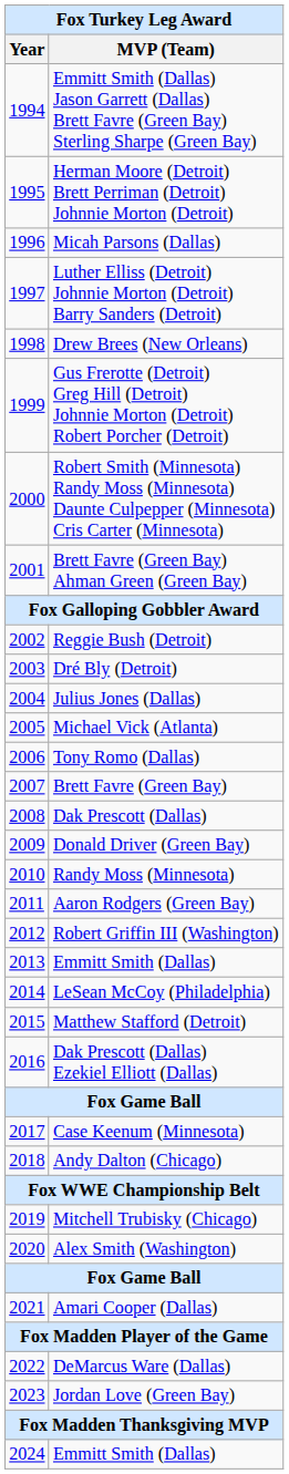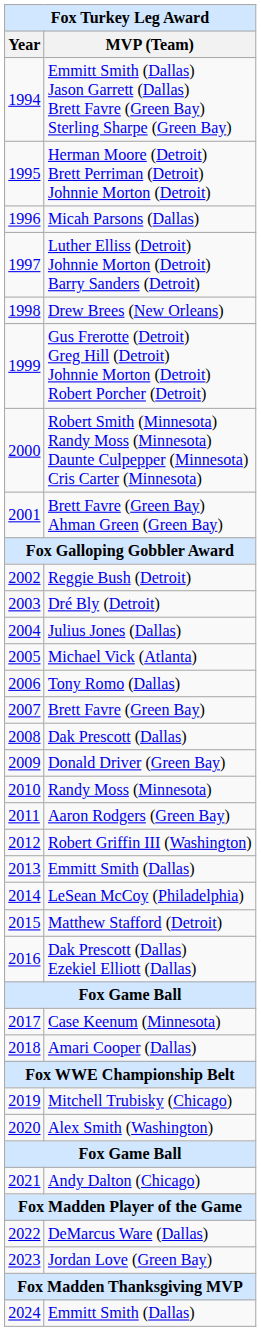 <table class="wikitable" style="font-size: 95%;">
 <tr>
 <td style="background:#d0e7ff; text-align:center;" colspan=2><strong>Fox Turkey Leg Award</strong></td>
 </tr>
 <tr>
 <th>Year</th>
 <th>MVP (Team)</th>
 </tr>
 <tr>
 <td><a href='#'>1994</a></td>
 <td><a href='#'>Emmitt Smith</a> (<a href='#'>Dallas</a>)<br><a href='#'>Jason Garrett</a> (<a href='#'>Dallas</a>)<br><a href='#'>Brett Favre</a> (<a href='#'>Green Bay</a>)<br><a href='#'>Sterling Sharpe</a> (<a href='#'>Green Bay</a>)</td>
 </tr>
 <tr>
 <td><a href='#'>1995</a></td>
 <td><a href='#'>Herman Moore</a> (<a href='#'>Detroit</a>)<br><a href='#'>Brett Perriman</a> (<a href='#'>Detroit</a>)<br><a href='#'>Johnnie Morton</a> (<a href='#'>Detroit</a>)</td>
 </tr>
 <tr>
 <td><a href='#'>1996</a></td>
 <td><a href='#'>Micah Parsons</a> (<a href='#'>Dallas</a>)</td>
 </tr>
 <tr>
 <td><a href='#'>1997</a></td>
 <td><a href='#'>Luther Elliss</a> (<a href='#'>Detroit</a>)<br><a href='#'>Johnnie Morton</a> (<a href='#'>Detroit</a>)<br><a href='#'>Barry Sanders</a> (<a href='#'>Detroit</a>)</td>
 </tr>
 <tr>
 <td><a href='#'>1998</a></td>
 <td><a href='#'>Drew Brees</a> (<a href='#'>New Orleans</a>)</td>
 </tr>
 <tr>
 <td><a href='#'>1999</a></td>
 <td><a href='#'>Gus Frerotte</a> (<a href='#'>Detroit</a>)<br><a href='#'>Greg Hill</a> (<a href='#'>Detroit</a>)<br><a href='#'>Johnnie Morton</a> (<a href='#'>Detroit</a>)<br><a href='#'>Robert Porcher</a> (<a href='#'>Detroit</a>)</td>
 </tr>
 <tr>
 <td><a href='#'>2000</a></td>
 <td><a href='#'>Robert Smith</a> (<a href='#'>Minnesota</a>)<br><a href='#'>Randy Moss</a> (<a href='#'>Minnesota</a>)<br><a href='#'>Daunte Culpepper</a> (<a href='#'>Minnesota</a>)<br><a href='#'>Cris Carter</a> (<a href='#'>Minnesota</a>)</td>
 </tr>
 <tr>
 <td><a href='#'>2001</a></td>
 <td><a href='#'>Brett Favre</a> (<a href='#'>Green Bay</a>)<br><a href='#'>Ahman Green</a> (<a href='#'>Green Bay</a>)</td>
 </tr>
 <tr>
 <td style="background:#d0e7ff; text-align:center;" colspan=2><strong>Fox Galloping Gobbler Award</strong></td>
 </tr>
 <tr>
 <td><a href='#'>2002</a></td>
 <td><a href='#'>Reggie Bush</a> (<a href='#'>Detroit</a>)</td>
 </tr>
 <tr>
 <td><a href='#'>2003</a></td>
 <td><a href='#'>Dré Bly</a> (<a href='#'>Detroit</a>)</td>
 </tr>
 <tr>
 <td><a href='#'>2004</a></td>
 <td><a href='#'>Julius Jones</a> (<a href='#'>Dallas</a>)</td>
 </tr>
 <tr>
 <td><a href='#'>2005</a></td>
 <td><a href='#'>Michael Vick</a> (<a href='#'>Atlanta</a>)</td>
 </tr>
 <tr>
 <td><a href='#'>2006</a></td>
 <td><a href='#'>Tony Romo</a> (<a href='#'>Dallas</a>)</td>
 </tr>
 <tr>
 <td><a href='#'>2007</a></td>
 <td><a href='#'>Brett Favre</a> (<a href='#'>Green Bay</a>)</td>
 </tr>
 <tr>
 <td><a href='#'>2008</a></td>
 <td><a href='#'>Dak Prescott</a> (<a href='#'>Dallas</a>)</td>
 </tr>
 <tr>
 <td><a href='#'>2009</a></td>
 <td><a href='#'>Donald Driver</a> (<a href='#'>Green Bay</a>)</td>
 </tr>
 <tr>
 <td><a href='#'>2010</a></td>
 <td><a href='#'>Randy Moss</a> (<a href='#'>Minnesota</a>)</td>
 </tr>
 <tr>
 <td><a href='#'>2011</a></td>
 <td><a href='#'>Aaron Rodgers</a> (<a href='#'>Green Bay</a>)</td>
 </tr>
 <tr>
 <td><a href='#'>2012</a></td>
 <td><a href='#'>Robert Griffin III</a> (<a href='#'>Washington</a>)</td>
 </tr>
 <tr>
 <td><a href='#'>2013</a></td>
 <td><a href='#'>Emmitt Smith</a> (<a href='#'>Dallas</a>)</td>
 </tr>
 <tr>
 <td><a href='#'>2014</a></td>
 <td><a href='#'>LeSean McCoy</a> (<a href='#'>Philadelphia</a>)</td>
 </tr>
 <tr>
 <td><a href='#'>2015</a></td>
 <td><a href='#'>Matthew Stafford</a> (<a href='#'>Detroit</a>)</td>
 </tr>
 <tr>
 <td><a href='#'>2016</a></td>
 <td><a href='#'>Dak Prescott</a> (<a href='#'>Dallas</a>)<br><a href='#'>Ezekiel Elliott</a> (<a href='#'>Dallas</a>)</td>
 </tr>
 <tr>
 <td style="background:#d0e7ff; text-align:center;" colspan=2><strong>Fox Game Ball</strong></td>
 </tr>
 <tr>
 <td><a href='#'>2017</a></td>
 <td><a href='#'>Case Keenum</a> (<a href='#'>Minnesota</a>)</td>
 </tr>
 <tr>
 <td><a href='#'>2018</a></td>
-<td><a href='#'>Andy Dalton</a> (<a href='#'>Chicago</a>)</td>
+<td><a href='#'>Amari Cooper</a> (<a href='#'>Dallas</a>)</td>
 </tr>
 <tr>
 <td style="background:#d0e7ff; text-align:center;" colspan=2><strong>Fox WWE Championship Belt</strong></td>
 </tr>
 <tr>
 <td><a href='#'>2019</a></td>
 <td><a href='#'>Mitchell Trubisky</a> (<a href='#'>Chicago</a>)</td>
 </tr>
 <tr>
 <td><a href='#'>2020</a></td>
 <td><a href='#'>Alex Smith</a> (<a href='#'>Washington</a>)</td>
 </tr>
 <tr>
 <td style="background:#d0e7ff; text-align:center;" colspan=2><strong>Fox Game Ball</strong></td>
 </tr>
 <tr>
 <td><a href='#'>2021</a></td>
-<td><a href='#'>Amari Cooper</a> (<a href='#'>Dallas</a>)</td>
+<td><a href='#'>Andy Dalton</a> (<a href='#'>Chicago</a>)</td>
 </tr>
 <tr>
 <td style="background:#d0e7ff; text-align:center;" colspan=2><strong>Fox Madden Player of the Game</strong></td>
 </tr>
 <tr>
 <td><a href='#'>2022</a></td>
 <td><a href='#'>DeMarcus Ware</a> (<a href='#'>Dallas</a>)</td>
 </tr>
 <tr>
 <td><a href='#'>2023</a></td>
 <td><a href='#'>Jordan Love</a> (<a href='#'>Green Bay</a>)</td>
 </tr>
 <tr>
 <td style="background:#d0e7ff; text-align:center;" colspan=2><strong>Fox Madden Thanksgiving MVP</strong></td>
 </tr>
 <tr>
 <td><a href='#'>2024</a></td>
 <td><a href='#'>Emmitt Smith</a> (<a href='#'>Dallas</a>)</td>
 </tr>
 </table>
